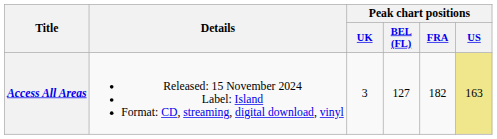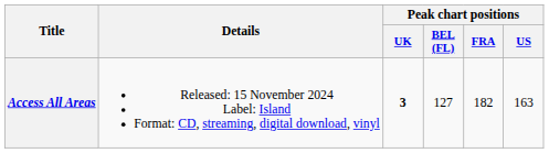 <table class="wikitable plainrowheaders" style="text-align:center;">
 <tr>
 <th scope="col" rowspan="2">Title</th>
 <th scope="col" rowspan="2">Details</th>
 <th scope="col" colspan="4">Peak chart positions</th>
 </tr>
 <tr>
 <th scope="col" style="width:3em;font-size:90%;"><a href='#'>UK</a><br></th>
 <th scope="col" style="width:3em;font-size:90%;"><a href='#'>BEL<br>(FL)</a><br></th>
 <th scope="col" style="width:3em;font-size:90%;"><a href='#'>FRA</a><br></th>
 <th scope="col" style="width:3em;font-size:90%;"><a href='#'>US</a><br></th>
 </tr>
 <tr>
 <th scope="row"><em><a href='#'>Access All Areas</a></em></th>
 <td><br><ul><li>Released: 15 November 2024</li><li>Label: <a href='#'>Island</a></li><li>Format: <a href='#'>CD</a>, <a href='#'>streaming</a>, <a href='#'>digital download</a>, <a href='#'>vinyl</a></li></ul></td>
-<td>3</td>
+<td><strong>3</strong></td>
 <td>127</td>
 <td>182</td>
-<td style="background: khaki;">163</td>
+<td>163</td>
 </tr>
 </table>
